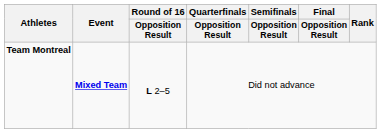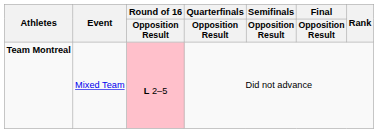 <table class="wikitable" style="font-size:90%">
 <tr>
 <th rowspan="2">Athletes</th>
 <th rowspan="2">Event</th>
 <th>Round of 16</th>
 <th>Quarterfinals</th>
 <th>Semifinals</th>
 <th>Final</th>
 <th rowspan=2>Rank</th>
 </tr>
 <tr style="font-size:95%">
 <th>Opposition<br>Result</th>
 <th>Opposition<br>Result</th>
 <th>Opposition<br>Result</th>
 <th>Opposition<br>Result</th>
 </tr>
 <tr align=center>
 <td align=left><strong>Team Montreal</strong><br><br> <br><br><br><br><br><br></td>
-<td align=left><strong><a href='#'>Mixed Team</a></strong></td>
-<td><br><strong>L</strong> 2–5</td>
+<td align=left><a href='#'>Mixed Team</a></td>
+<td style="background: pink;"><br><strong>L</strong> 2–5</td>
 <td colspan=4>Did not advance</td>
 </tr>
 </table>
